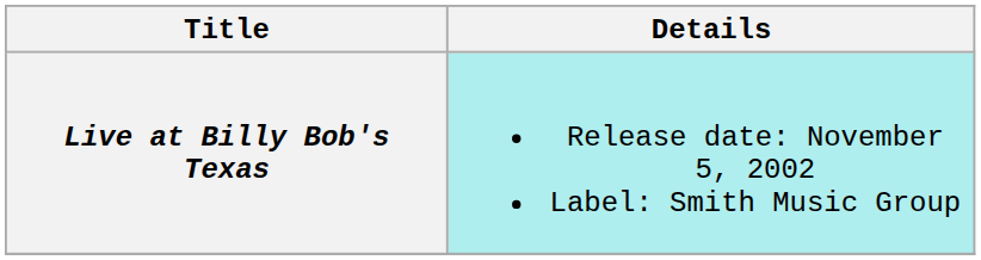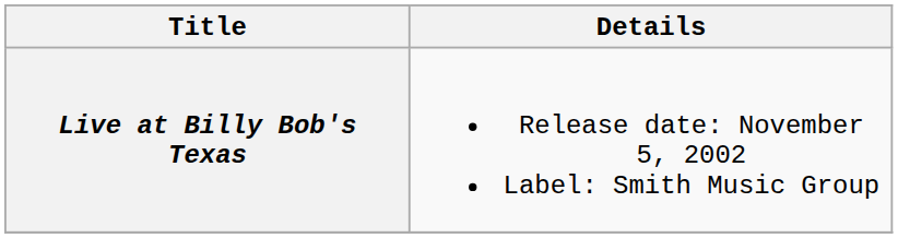 <table class="wikitable plainrowheaders" style="text-align:center;">
 <tr>
 <th style="width:15em;">Title</th>
 <th style="width:18em;">Details</th>
 </tr>
 <tr>
 <th scope="row"><em>Live at Billy Bob's Texas</em></th>
-<td style="background: paleturquoise;"><br><ul><li>Release date: November 5, 2002</li><li>Label: Smith Music Group</li></ul></td>
+<td><br><ul><li>Release date: November 5, 2002</li><li>Label: Smith Music Group</li></ul></td>
 </tr>
 <tr>
 </tr>
 </table>
